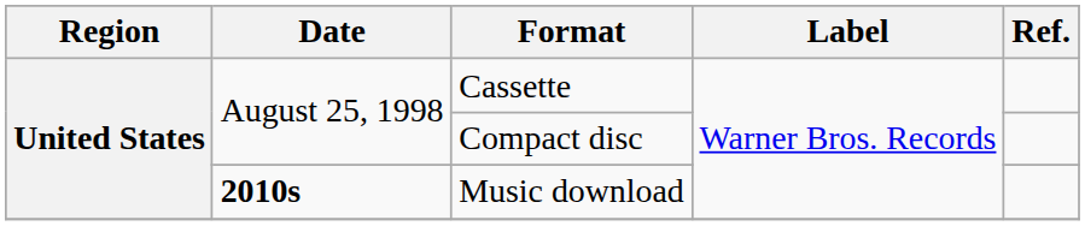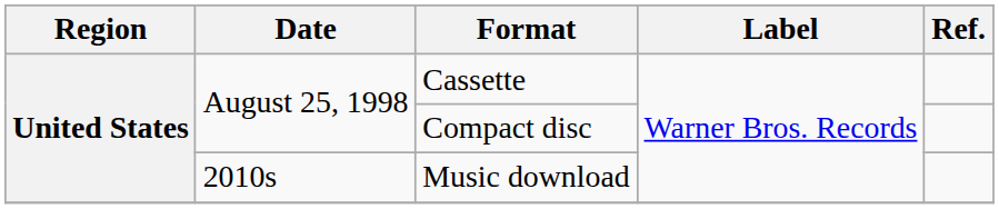 <table class="wikitable plainrowheaders">
 <tr>
 <th scope="col">Region</th>
 <th scope="col">Date</th>
 <th scope="col">Format</th>
 <th scope="col">Label</th>
 <th scope="col">Ref.</th>
 </tr>
 <tr>
 <th scope="row" rowspan="3">United States</th>
 <td rowspan="2">August 25, 1998</td>
 <td>Cassette</td>
 <td rowspan="3"><a href='#'>Warner Bros. Records</a></td>
 <td></td>
 </tr>
 <tr>
 <td>Compact disc</td>
 <td></td>
 </tr>
 <tr>
-<td><strong>2010s</strong></td>
+<td>2010s</td>
 <td>Music download</td>
 <td></td>
 </tr>
 <tr>
 </tr>
 </table>
